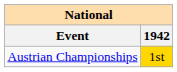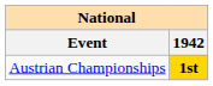 <table class="wikitable" style="text-align:center">
 <tr>
 <th style="background-color: #ffdead; " colspan=6 align=center>National</th>
 </tr>
 <tr>
 <th>Event</th>
 <th>1942</th>
 </tr>
 <tr>
 <td align=left><a href='#'>Austrian Championships</a></td>
-<td bgcolor=gold>1st</td>
+<td bgcolor=gold><strong>1st</strong></td>
 </tr>
 </table>
